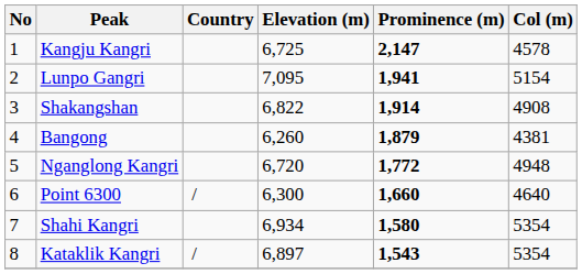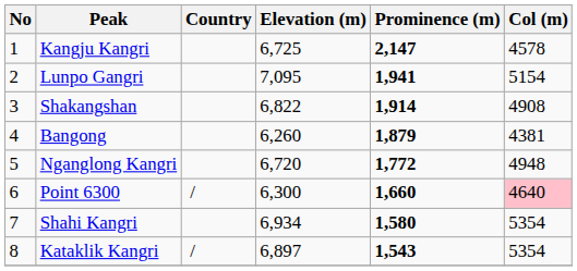 <table class="wikitable sortable">
 <tr>
 <th>No</th>
 <th>Peak</th>
 <th>Country</th>
 <th>Elevation (m)</th>
 <th>Prominence (m)</th>
 <th>Col (m)</th>
 </tr>
 <tr>
 <td>1</td>
 <td><a href='#'>Kangju Kangri</a></td>
 <td></td>
 <td>6,725</td>
 <td><strong>2,147</strong></td>
 <td>4578</td>
 </tr>
 <tr>
 <td>2</td>
 <td><a href='#'>Lunpo Gangri</a></td>
 <td></td>
 <td>7,095</td>
 <td><strong>1,941</strong></td>
 <td>5154</td>
 </tr>
 <tr>
 <td>3</td>
 <td><a href='#'>Shakangshan</a></td>
 <td></td>
 <td>6,822</td>
 <td><strong>1,914</strong></td>
 <td>4908</td>
 </tr>
 <tr>
 <td>4</td>
 <td><a href='#'>Bangong</a></td>
 <td></td>
 <td>6,260</td>
 <td><strong>1,879</strong></td>
 <td>4381</td>
 </tr>
 <tr>
 <td>5</td>
 <td><a href='#'>Nganglong Kangri</a></td>
 <td></td>
 <td>6,720</td>
 <td><strong>1,772</strong></td>
 <td>4948</td>
 </tr>
 <tr>
 <td>6</td>
 <td><a href='#'>Point 6300</a></td>
 <td> / </td>
 <td>6,300</td>
 <td><strong>1,660</strong></td>
-<td>4640</td>
+<td style="background: pink;">4640</td>
 </tr>
 <tr>
 <td>7</td>
 <td><a href='#'>Shahi Kangri</a></td>
 <td></td>
 <td>6,934</td>
 <td><strong>1,580</strong></td>
 <td>5354</td>
 </tr>
 <tr>
 <td>8</td>
 <td><a href='#'>Kataklik Kangri</a></td>
 <td> / </td>
 <td>6,897</td>
 <td><strong>1,543</strong></td>
 <td>5354</td>
 </tr>
 <tr>
 </tr>
 </table>
